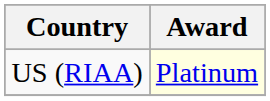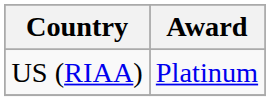 <table class="wikitable sortable style="text-align:center">
 <tr>
 <th>Country</th>
 <th>Award</th>
 </tr>
 <tr>
 <td>US (<a href='#'>RIAA</a>)</td>
-<td style="background: lightyellow;"><a href='#'>Platinum</a></td>
+<td><a href='#'>Platinum</a></td>
 </tr>
 <tr>
 </tr>
 </table>
